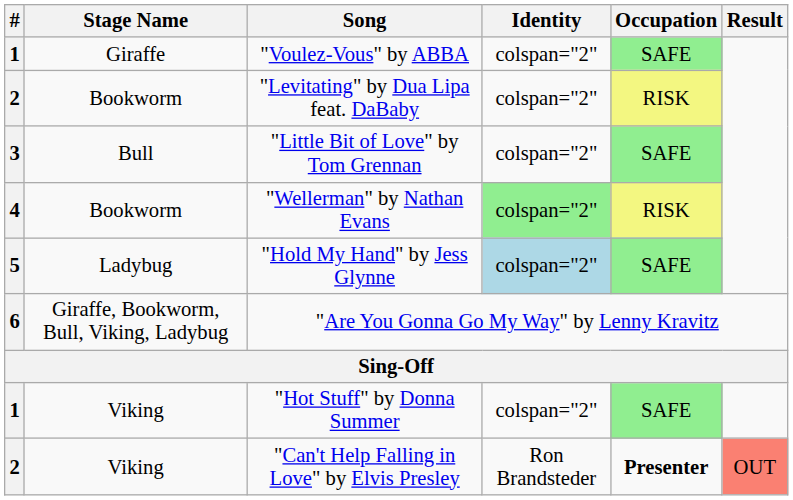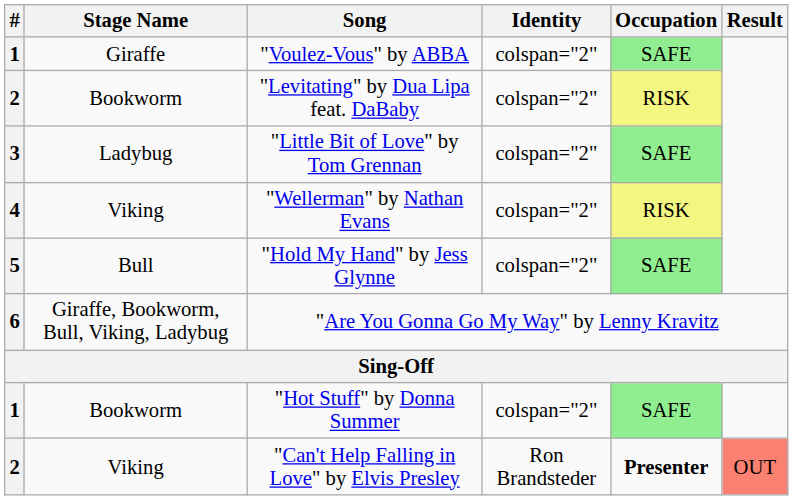 <table class="wikitable plainrowheaders" style="text-align: center;">
 <tr>
 <th><strong>#</strong></th>
 <th><strong>Stage Name</strong></th>
 <th><strong>Song</strong></th>
 <th>Identity</th>
 <th><strong>Occupation</strong></th>
 <th>Result</th>
 </tr>
 <tr>
 <th>1</th>
 <td>Giraffe</td>
 <td>"<a href='#'>Voulez-Vous</a>" by <a href='#'>ABBA</a></td>
 <td>colspan="2" </td>
 <td bgcolor="lightgreen">SAFE</td>
 </tr>
 <tr>
 <th>2</th>
 <td>Bookworm</td>
 <td>"<a href='#'>Levitating</a>" by <a href='#'>Dua Lipa</a> feat. <a href='#'>DaBaby</a></td>
 <td>colspan="2" </td>
 <td bgcolor="#F3F781">RISK</td>
 </tr>
 <tr>
 <th>3</th>
-<td>Bull</td>
+<td>Ladybug</td>
 <td>"<a href='#'>Little Bit of Love</a>" by <a href='#'>Tom Grennan</a></td>
 <td>colspan="2" </td>
 <td bgcolor="lightgreen">SAFE</td>
 </tr>
 <tr>
 <th>4</th>
-<td>Bookworm</td>
+<td>Viking</td>
 <td>"<a href='#'>Wellerman</a>" by <a href='#'>Nathan Evans</a></td>
-<td style="background: lightgreen;">colspan="2" </td>
+<td>colspan="2" </td>
 <td bgcolor="#F3F781">RISK</td>
 </tr>
 <tr>
 <th>5</th>
-<td>Ladybug</td>
+<td>Bull</td>
 <td>"<a href='#'>Hold My Hand</a>" by <a href='#'>Jess Glynne</a></td>
-<td style="background: lightblue;">colspan="2" </td>
+<td>colspan="2" </td>
 <td bgcolor="lightgreen">SAFE</td>
 </tr>
 <tr>
 <th>6</th>
 <td>Giraffe, Bookworm, Bull, Viking, Ladybug</td>
 <td colspan="4">"<a href='#'>Are You Gonna Go My Way</a>" by <a href='#'>Lenny Kravitz</a></td>
 </tr>
 <tr>
 <th colspan="6">Sing-Off</th>
 </tr>
 <tr>
 <th>1</th>
-<td>Viking</td>
+<td>Bookworm</td>
 <td>"<a href='#'>Hot Stuff</a>" by <a href='#'>Donna Summer</a></td>
 <td>colspan="2" </td>
 <td bgcolor="lightgreen">SAFE</td>
 </tr>
 <tr>
 <th>2</th>
 <td>Viking</td>
 <td>"<a href='#'>Can't Help Falling in Love</a>" by <a href='#'>Elvis Presley</a></td>
 <td>Ron Brandsteder</td>
 <td><strong>Presenter</strong></td>
 <td bgcolor=salmon>OUT</td>
 </tr>
 </table>
